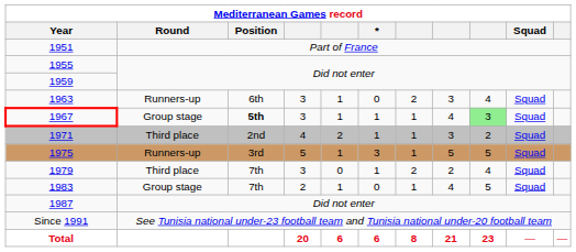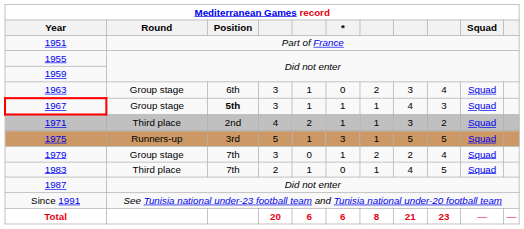 <table class="wikitable" style="font-size:90%; text-align:center;" width="60%">
 <tr>
 <th colspan="11" style="background:#FFFFFF; color:#E70013; "><a href='#'><span>Mediterranean Games</span></a> record</th>
 </tr>
 <tr>
 <th width="15%">Year</th>
 <th width="15%">Round</th>
 <th width="5%">Position</th>
 <th width="5%"></th>
 <th width="5%"></th>
 <th width="5%">*</th>
 <th width="5%"></th>
 <th width="5%"></th>
 <th width="5%"></th>
 <th width="5%">Squad</th>
 <th width="1%"></th>
 </tr>
 <tr>
 <td> <a href='#'>1951</a></td>
 <td colspan="10"><em>Part of <a href='#'>France</a></em></td>
 </tr>
 <tr>
 <td> <a href='#'>1955</a></td>
 <td colspan="10" rowspan="2"><em>Did not enter</em></td>
 </tr>
 <tr>
 <td> <a href='#'>1959</a></td>
 </tr>
 <tr>
 <td> <a href='#'>1963</a></td>
-<td>Runners-up</td>
+<td>Group stage</td>
 <td>6th</td>
 <td>3</td>
 <td>1</td>
 <td>0</td>
 <td>2</td>
 <td>3</td>
 <td>4</td>
 <td><a href='#'>Squad</a></td>
 <td></td>
 </tr>
 <tr>
 <td style="border: 3px solid red"> <a href='#'>1967</a></td>
 <td>Group stage</td>
 <td><strong>5th</strong></td>
 <td>3</td>
 <td>1</td>
 <td>1</td>
 <td>1</td>
 <td>4</td>
-<td style="background: lightgreen;">3</td>
+<td>3</td>
 <td><a href='#'>Squad</a></td>
 <td></td>
 </tr>
 <tr style="background:silver;">
 <td> <a href='#'>1971</a></td>
 <td>Third place</td>
 <td>2nd</td>
 <td>4</td>
 <td>2</td>
 <td>1</td>
 <td>1</td>
 <td>3</td>
 <td>2</td>
 <td><a href='#'>Squad</a></td>
 <td></td>
 </tr>
 <tr style="background:#c96;">
 <td> <a href='#'>1975</a></td>
 <td>Runners-up</td>
 <td>3rd</td>
 <td>5</td>
 <td>1</td>
 <td>3</td>
 <td>1</td>
 <td>5</td>
 <td>5</td>
 <td><a href='#'>Squad</a></td>
 <td></td>
 </tr>
 <tr>
 <td> <a href='#'>1979</a></td>
-<td>Third place</td>
+<td>Group stage</td>
 <td>7th</td>
 <td>3</td>
 <td>0</td>
 <td>1</td>
 <td>2</td>
 <td>2</td>
 <td>4</td>
 <td><a href='#'>Squad</a></td>
 <td></td>
 </tr>
 <tr>
 <td> <a href='#'>1983</a></td>
-<td>Group stage</td>
+<td>Third place</td>
 <td>7th</td>
 <td>2</td>
 <td>1</td>
 <td>0</td>
 <td>1</td>
 <td>4</td>
 <td>5</td>
 <td><a href='#'>Squad</a></td>
 <td></td>
 </tr>
 <tr>
 <td> <a href='#'>1987</a></td>
 <td colspan="10"><em>Did not enter</em></td>
 </tr>
 <tr>
 <td>Since  <a href='#'>1991</a></td>
 <td colspan="10"><em>See <a href='#'>Tunisia national under-23 football team</a> and <a href='#'>Tunisia national under-20 football team</a></em></td>
 </tr>
 <tr>
 <th style="background:#FFFFFF; color:#E70013; ">Total</th>
 <th style="background:#FFFFFF; color:#E70013; "></th>
 <th style="background:#FFFFFF; color:#E70013; "></th>
 <th style="background:#FFFFFF; color:#E70013; ">20</th>
 <th style="background:#FFFFFF; color:#E70013; ">6</th>
 <th style="background:#FFFFFF; color:#E70013; ">6</th>
 <th style="background:#FFFFFF; color:#E70013; ">8</th>
 <th style="background:#FFFFFF; color:#E70013; ">21</th>
 <th style="background:#FFFFFF; color:#E70013; ">23</th>
 <td style="background:#FFFFFF; color:#E70013; ">—</td>
 <td style="background:#FFFFFF; color:#E70013; ">—</td>
 </tr>
 </table>
